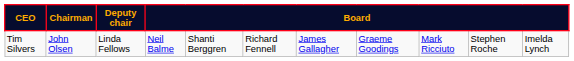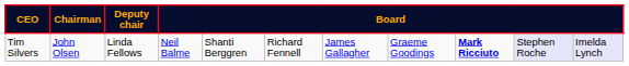 <table class="wikitable" style="font-size:90%;">
 <tr>
 <th style="background:#060C2E; color: #FFAC00; border: solid #FF0018 2px;">CEO</th>
 <th style="background:#060C2E; color: #FFAC00; border: solid #FF0018 2px;">Chairman</th>
 <th style="background:#060C2E; color: #FFAC00; border: solid #FF0018 2px;">Deputy chair</th>
 <th colspan="8" style="background:#060C2E; color: #FFAC00; border: solid #FF0018 2px;">Board</th>
 </tr>
 <tr>
 <td>Tim Silvers</td>
 <td><a href='#'>John Olsen</a></td>
 <td>Linda Fellows</td>
 <td><a href='#'>Neil Balme</a></td>
 <td>Shanti Berggren</td>
 <td>Richard Fennell</td>
 <td><a href='#'>James Gallagher</a></td>
 <td><a href='#'>Graeme Goodings</a></td>
-<td><a href='#'>Mark Ricciuto</a></td>
-<td>Stephen Roche</td>
-<td>Imelda Lynch</td>
+<td><strong><a href='#'>Mark Ricciuto</a></strong></td>
+<td style="background: lavender;">Stephen Roche</td>
+<td style="background: lavender;">Imelda Lynch</td>
 </tr>
 </table>
